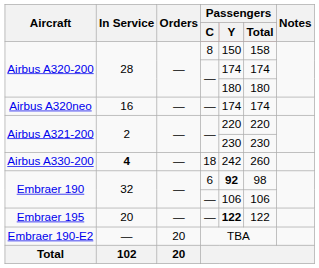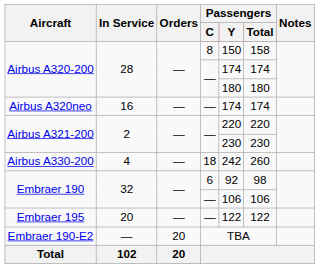 <table class="wikitable" style="margin:1em auto; border-collapse:collapse;text-align:center;">
 <tr>
 <th rowspan=2>Aircraft</th>
 <th rowspan=2>In Service</th>
 <th rowspan=2>Orders</th>
 <th colspan=3>Passengers</th>
 <th rowspan=2>Notes</th>
 </tr>
 <tr bgcolor=red>
 <th><abbr>C</abbr></th>
 <th><abbr>Y</abbr></th>
 <th>Total</th>
 </tr>
 <tr>
 <td rowspan=3><a href='#'>Airbus A320-200</a></td>
 <td rowspan=3>28</td>
 <td rowspan=3>—</td>
 <td>8</td>
 <td>150</td>
 <td>158</td>
 <td rowspan=3></td>
 </tr>
 <tr>
 <td rowspan=2>—</td>
 <td>174</td>
 <td>174</td>
 </tr>
 <tr>
 <td>180</td>
 <td>180</td>
 </tr>
 <tr>
 <td><a href='#'>Airbus A320neo</a></td>
 <td>16</td>
 <td>—</td>
 <td>—</td>
 <td>174</td>
 <td>174</td>
 <td></td>
 </tr>
 <tr>
 <td rowspan=2><a href='#'>Airbus A321-200</a></td>
 <td rowspan=2>2</td>
 <td rowspan=2>—</td>
 <td rowspan=2>—</td>
 <td>220</td>
 <td>220</td>
 <td rowspan=2></td>
 </tr>
 <tr>
 <td>230</td>
 <td>230</td>
 </tr>
 <tr>
 <td><a href='#'>Airbus A330-200</a></td>
-<td><strong>4</strong></td>
+<td>4</td>
 <td>—</td>
 <td>18</td>
 <td>242</td>
 <td>260</td>
 <td></td>
 </tr>
 <tr>
 <td rowspan="2"><a href='#'>Embraer 190</a></td>
 <td rowspan="2">32</td>
 <td rowspan="2">—</td>
 <td>6</td>
-<td><strong>92</strong></td>
+<td>92</td>
 <td>98</td>
 <td rowspan="2"></td>
 </tr>
 <tr>
 <td>—</td>
 <td>106</td>
 <td>106</td>
 </tr>
 <tr>
 <td><a href='#'>Embraer 195</a></td>
 <td>20</td>
 <td>—</td>
 <td>—</td>
-<td><strong>122</strong></td>
+<td>122</td>
 <td>122</td>
 <td></td>
 </tr>
 <tr>
 <td><a href='#'>Embraer 190-E2</a></td>
 <td>—</td>
 <td>20</td>
 <td colspan="3" class="unsortable"><abbr>TBA</abbr></td>
 <td></td>
 </tr>
 <tr>
 <th>Total</th>
 <th>102</th>
 <th>20</th>
 <th colspan="4"></th>
 </tr>
 </table>
